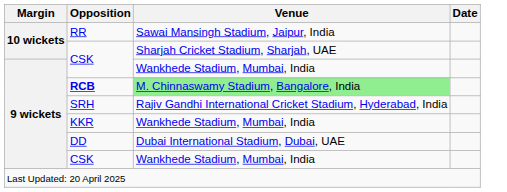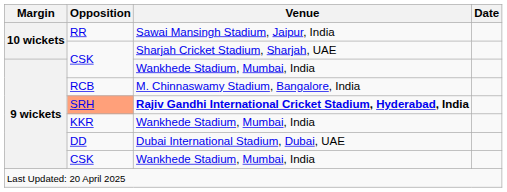 <table class="wikitable">
 <tr>
 <th>Margin</th>
 <th>Opposition</th>
 <th>Venue</th>
 <th>Date</th>
 </tr>
 <tr>
 <th rowspan=2>10 wickets</th>
 <td><a href='#'>RR</a></td>
 <td><a href='#'>Sawai Mansingh Stadium</a>, <a href='#'>Jaipur</a>, India</td>
 <td></td>
 </tr>
 <tr>
 <td rowspan=2><a href='#'>CSK</a></td>
 <td><a href='#'>Sharjah Cricket Stadium</a>, <a href='#'>Sharjah</a>, UAE</td>
 <td></td>
 </tr>
 <tr>
 <th rowspan=6>9 wickets</th>
 <td><a href='#'>Wankhede Stadium</a>, <a href='#'>Mumbai</a>, India</td>
 <td></td>
 </tr>
 <tr>
-<td><strong><a href='#'>RCB</a></strong></td>
-<td style="background: lightgreen;"><a href='#'>M. Chinnaswamy Stadium</a>, <a href='#'>Bangalore</a>, India</td>
+<td><a href='#'>RCB</a></td>
+<td><a href='#'>M. Chinnaswamy Stadium</a>, <a href='#'>Bangalore</a>, India</td>
 <td></td>
 </tr>
 <tr>
-<td><a href='#'>SRH</a></td>
-<td><a href='#'>Rajiv Gandhi International Cricket Stadium</a>, <a href='#'>Hyderabad</a>, India</td>
+<td style="background: lightsalmon;"><a href='#'>SRH</a></td>
+<td><strong><a href='#'>Rajiv Gandhi International Cricket Stadium</a>, <a href='#'>Hyderabad</a>, India</strong></td>
 <td></td>
 </tr>
 <tr>
 <td><a href='#'>KKR</a></td>
 <td><a href='#'>Wankhede Stadium</a>, <a href='#'>Mumbai</a>, India</td>
 <td></td>
 </tr>
 <tr>
 <td><a href='#'>DD</a></td>
 <td><a href='#'>Dubai International Stadium</a>, <a href='#'>Dubai</a>, UAE</td>
 <td></td>
 </tr>
 <tr>
 <td><a href='#'>CSK</a></td>
 <td><a href='#'>Wankhede Stadium</a>, <a href='#'>Mumbai</a>, India</td>
 <td></td>
 </tr>
 <tr class=sortbottom>
 <td colspan=4><small>Last Updated: 20 April 2025</small></td>
 </tr>
 </table>
